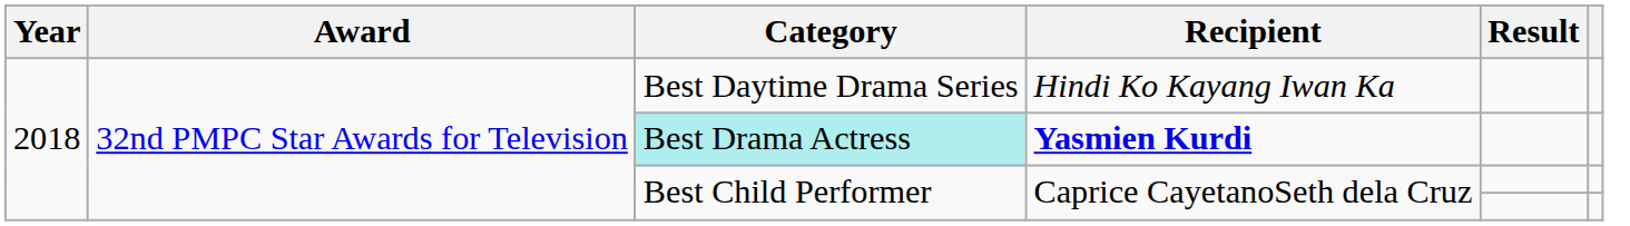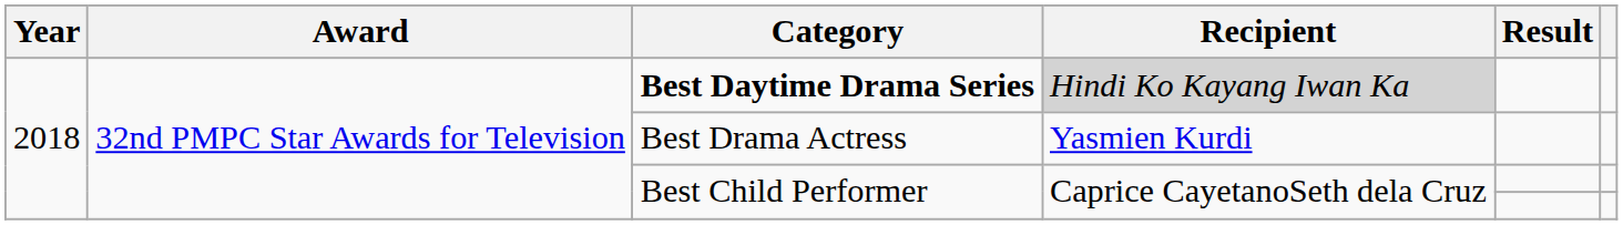 <table class="wikitable">
 <tr>
 <th>Year</th>
 <th>Award</th>
 <th>Category</th>
 <th>Recipient</th>
 <th>Result</th>
 <th></th>
 </tr>
 <tr>
 <td rowspan=4>2018</td>
 <td rowspan=4><a href='#'>32nd PMPC Star Awards for Television</a></td>
-<td>Best Daytime Drama Series</td>
-<td><em>Hindi Ko Kayang Iwan Ka</em></td>
+<td><strong>Best Daytime Drama Series</strong></td>
+<td style="background: lightgrey;"><em>Hindi Ko Kayang Iwan Ka</em></td>
 <td></td>
 <td></td>
 </tr>
 <tr>
-<td style="background: paleturquoise;">Best Drama Actress</td>
-<td><strong><a href='#'>Yasmien Kurdi</a></strong></td>
+<td>Best Drama Actress</td>
+<td><a href='#'>Yasmien Kurdi</a></td>
 <td></td>
 <td></td>
 </tr>
 <tr>
 <td rowspan=2>Best Child Performer</td>
 <td rowspan=2>Caprice CayetanoSeth dela Cruz</td>
 <td></td>
 <td></td>
 </tr>
 <tr>
 <td></td>
 <td></td>
 </tr>
 </table>
